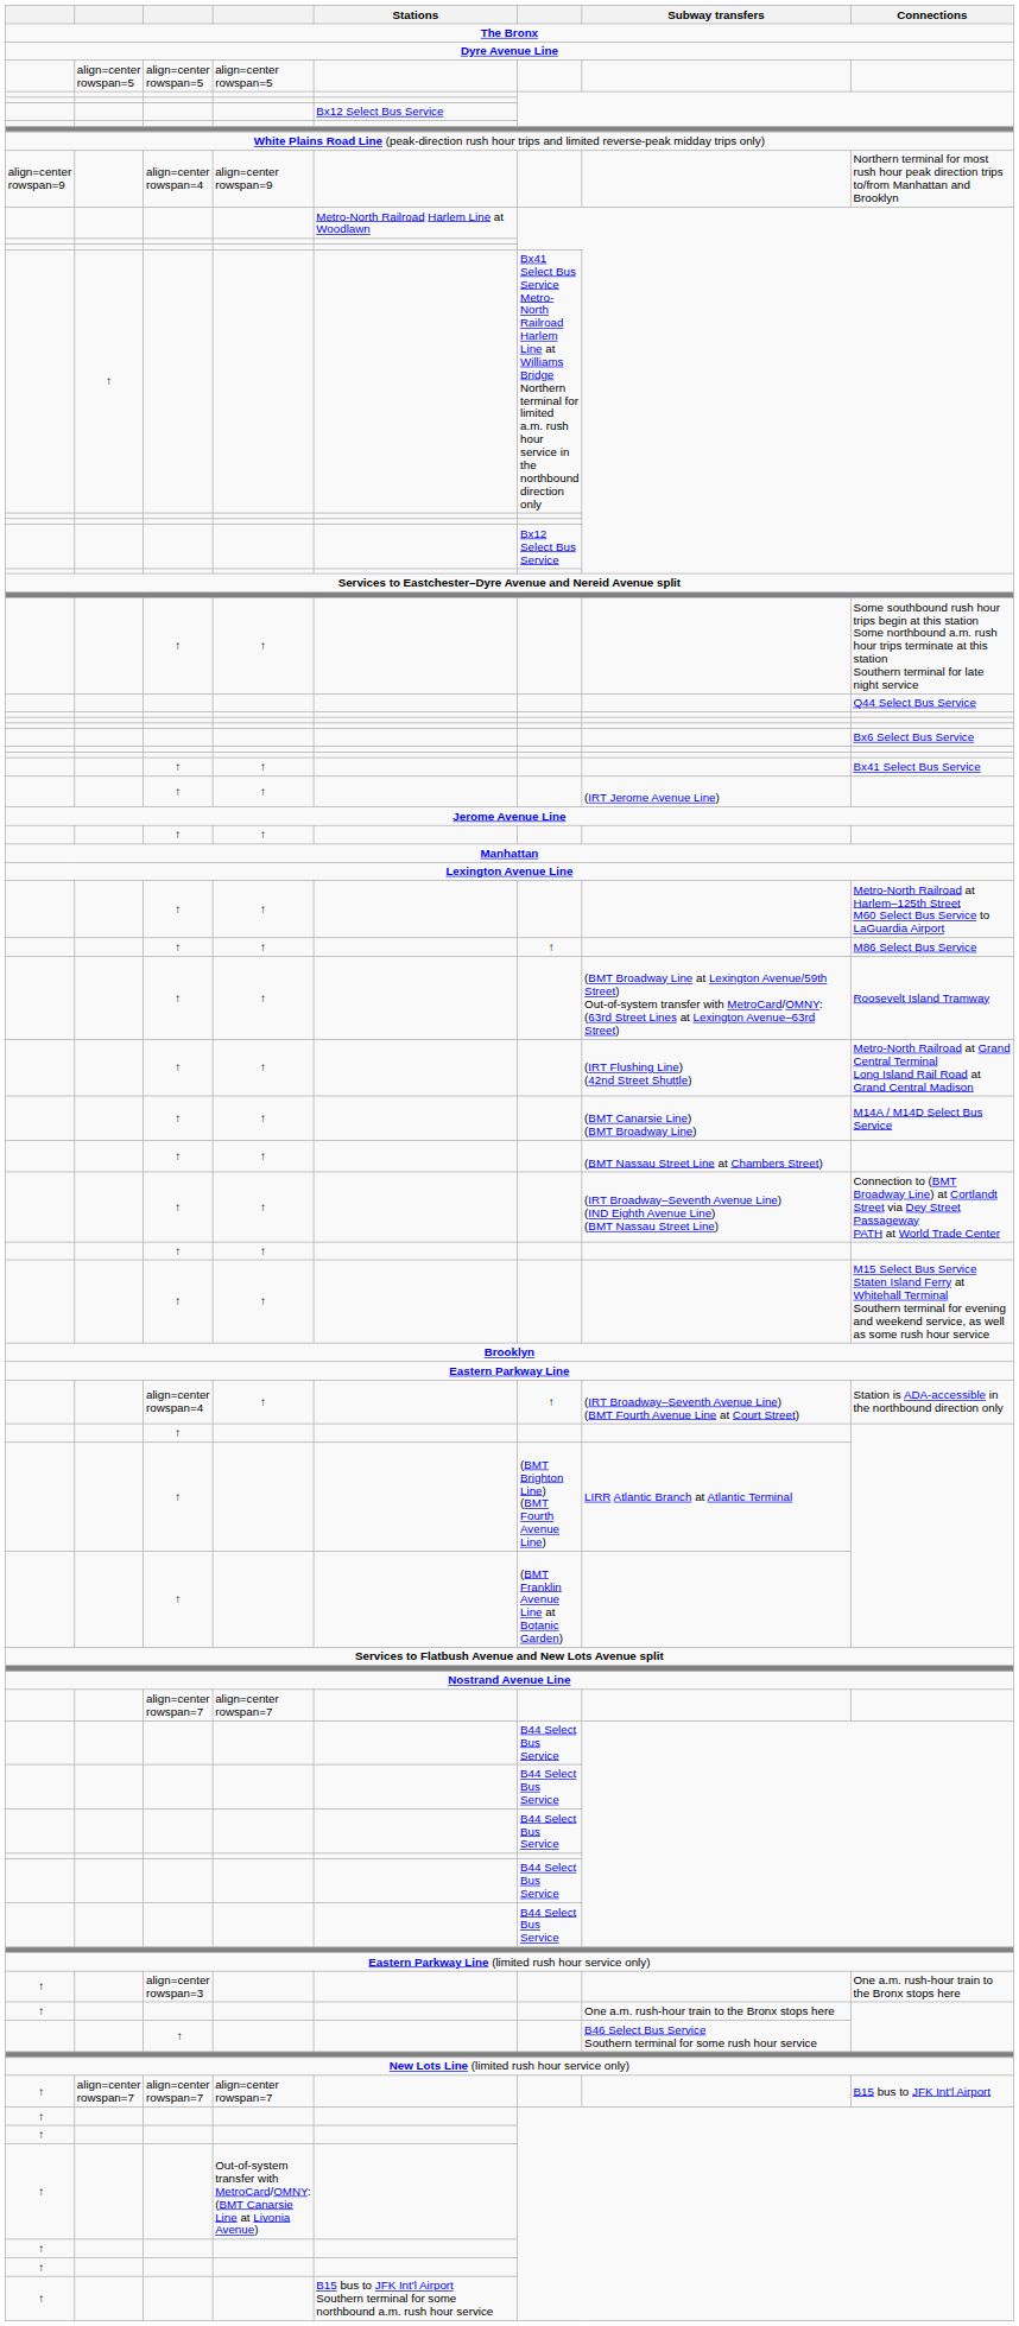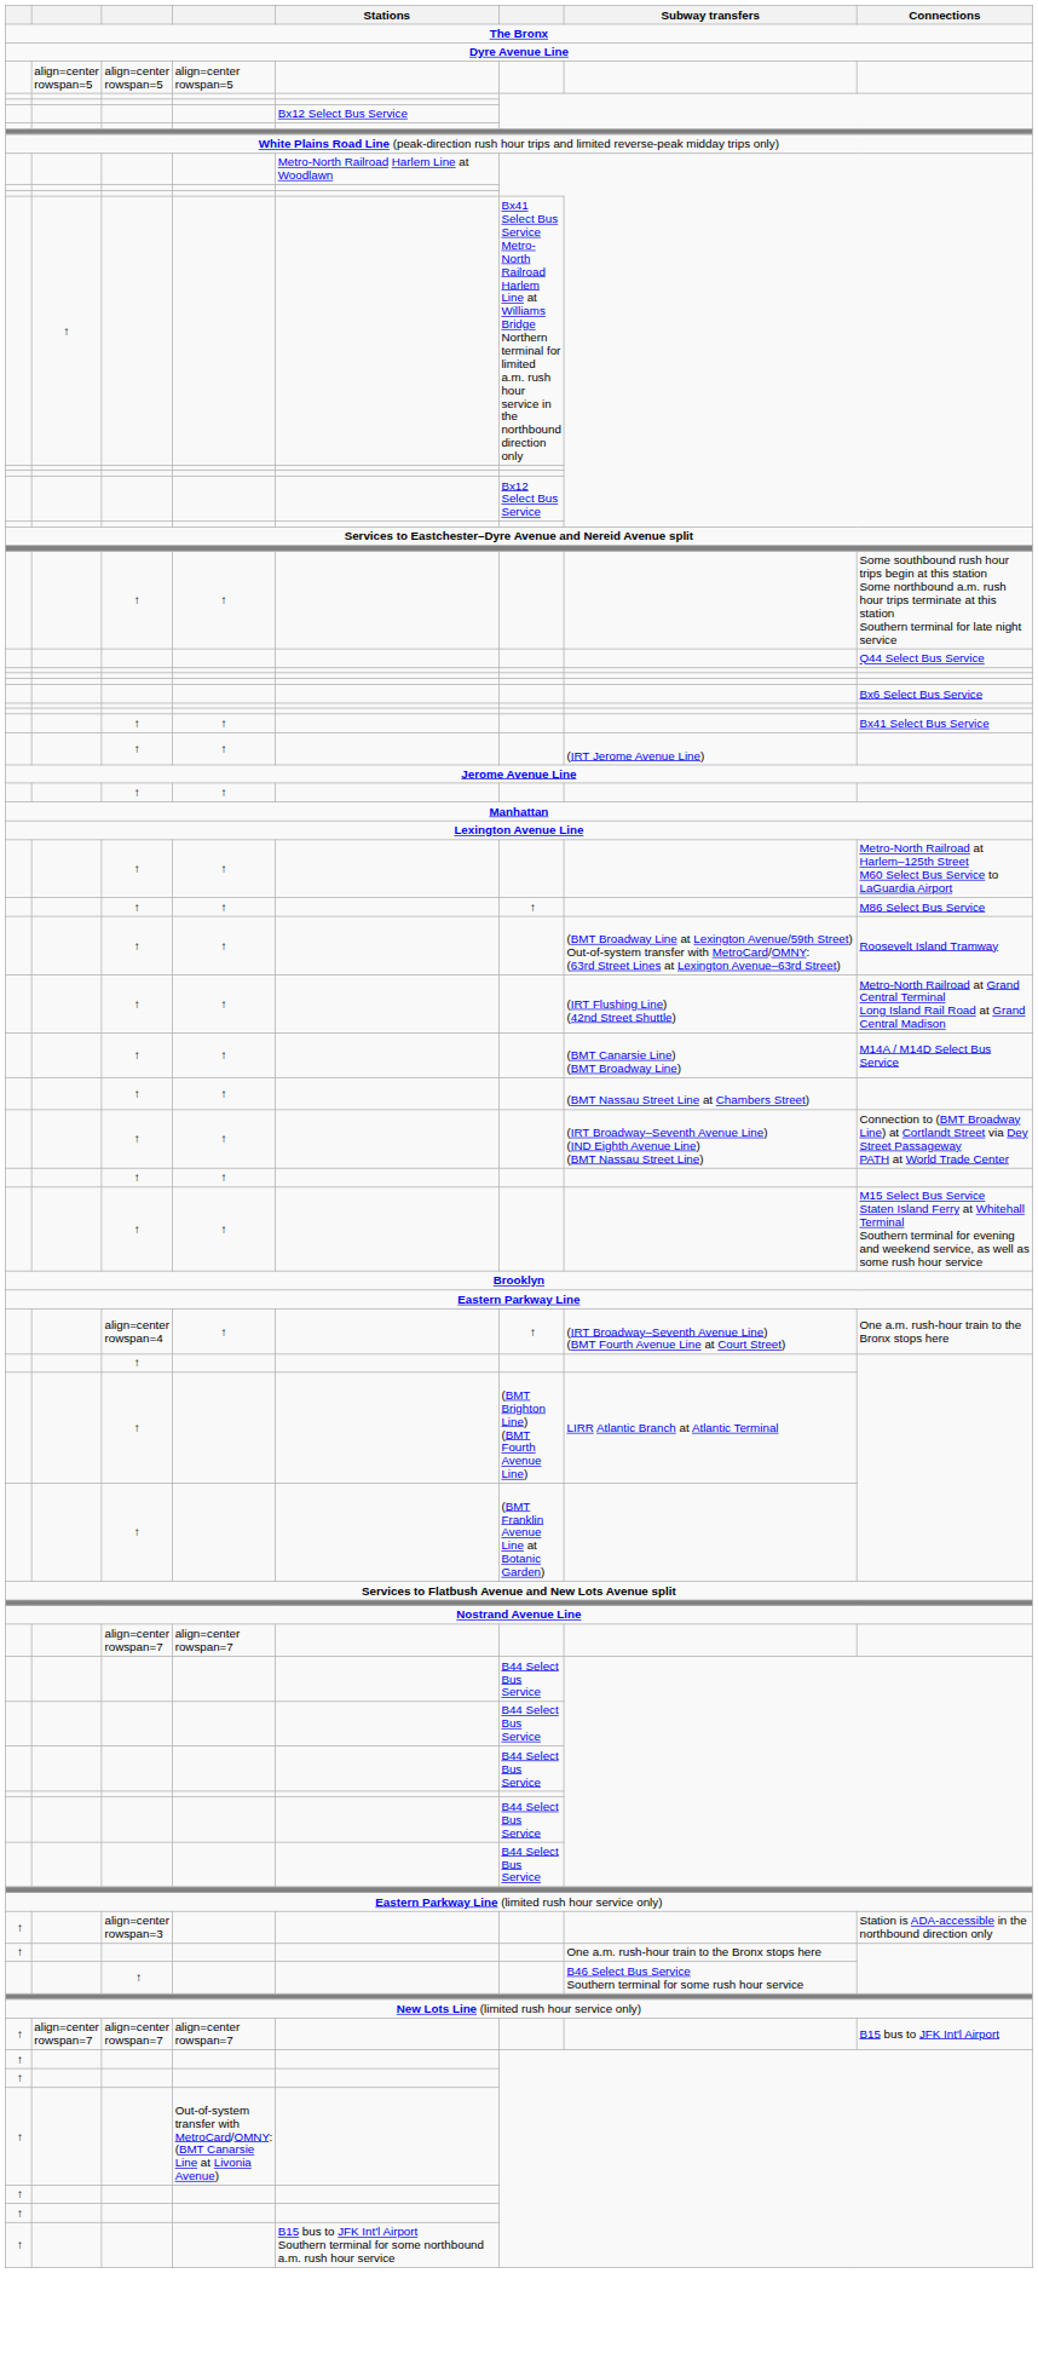 <table class="wikitable collapsible" style="font-size:90%" summary="Service information for the 5 train and its stations, including service times, ADA-accessibility, subway transfers, and non-subway connections.">
 <tr>
 <th width=3%><br></th>
 <th width=3%><br></th>
 <th width=3%><br></th>
 <th width=3%><br></th>
 <th width=28%>Stations</th>
 <th width=3%></th>
 <th width=36%>Subway transfers</th>
 <th width=30%>Connections</th>
 </tr>
 <tr>
 <td style="font-weight:bold" align=center colspan=8><a href='#'>The Bronx</a></td>
 </tr>
 <tr>
 <td style="font-weight:bold" align=center colspan=8><a href='#'>Dyre Avenue Line</a></td>
 </tr>
 <tr>
 <td align=center></td>
 <td>align=center rowspan=5 </td>
 <td>align=center rowspan=5 </td>
 <td>align=center rowspan=5 </td>
 <td></td>
 <td></td>
 <td></td>
 <td></td>
 </tr>
 <tr>
 <td align=center></td>
 <td></td>
 <td></td>
 <td></td>
 <td></td>
 </tr>
 <tr>
 <td align=center></td>
 <td></td>
 <td align=center></td>
 <td></td>
 <td></td>
 </tr>
 <tr>
 <td align=center></td>
 <td></td>
 <td></td>
 <td></td>
 <td><a href='#'>Bx12 Select Bus Service</a></td>
 </tr>
 <tr>
 <td align=center></td>
 <td></td>
 <td></td>
 <td></td>
 <td></td>
 </tr>
 <tr>
 <td bgcolor=#808080 colspan=8></td>
 </tr>
 <tr>
 <td align=center colspan=8><strong><a href='#'>White Plains Road Line</a></strong> (peak-direction rush hour trips and limited reverse-peak midday trips only)</td>
-</tr>
-<tr>
-<td>align=center rowspan=9 </td>
-<td align=center></td>
-<td>align=center rowspan=4 </td>
-<td>align=center rowspan=9 </td>
-<td></td>
-<td></td>
-<td></td>
-<td>Northern terminal for most rush hour peak direction trips to/from Manhattan and Brooklyn</td>
 </tr>
 <tr>
 <td align=center></td>
 <td></td>
 <td align=center></td>
 <td></td>
 <td><a href='#'>Metro-North Railroad</a> <a href='#'>Harlem Line</a> at <a href='#'>Woodlawn</a></td>
 </tr>
 <tr>
 <td align=center></td>
 <td></td>
 <td></td>
 <td></td>
 <td></td>
 </tr>
 <tr>
 <td align=center></td>
 <td></td>
 <td></td>
 <td></td>
 <td></td>
 </tr>
 <tr>
 <td align=center></td>
 <td align=center> ↑</td>
 <td></td>
 <td align=center></td>
 <td></td>
 <td><a href='#'>Bx41 Select Bus Service</a><br><a href='#'>Metro-North Railroad</a> <a href='#'>Harlem Line</a> at <a href='#'>Williams Bridge</a><br>Northern terminal for limited a.m. rush hour service in the northbound direction only</td>
 </tr>
 <tr>
 <td align=center></td>
 <td align=center></td>
 <td></td>
 <td></td>
 <td></td>
 <td></td>
 </tr>
 <tr>
 <td align=center></td>
 <td align=center></td>
 <td></td>
 <td></td>
 <td></td>
 <td></td>
 </tr>
 <tr>
 <td align=center></td>
 <td align=center></td>
 <td =></td>
 <td align=center></td>
 <td></td>
 <td><a href='#'>Bx12 Select Bus Service</a></td>
 </tr>
 <tr>
 <td align=center></td>
 <td align=center></td>
 <td></td>
 <td></td>
 <td></td>
 <td></td>
 </tr>
 <tr>
 <td style="font-weight:bold" align=center colspan=8>Services to Eastchester–Dyre Avenue and Nereid Avenue split</td>
 </tr>
 <tr>
 <td bgcolor=#808080 colspan=8></td>
 </tr>
 <tr>
 <td align=center></td>
 <td align=center></td>
 <td align=center> ↑</td>
 <td align=center> ↑</td>
 <td></td>
 <td align=center></td>
 <td></td>
 <td>Some southbound rush hour trips begin at this station<br>Some northbound a.m. rush hour trips terminate at this station<br>Southern terminal for late night service</td>
 </tr>
 <tr>
 <td align=center></td>
 <td align=center></td>
 <td align=center></td>
 <td align=center></td>
 <td></td>
 <td></td>
 <td></td>
 <td><a href='#'>Q44 Select Bus Service</a></td>
 </tr>
 <tr>
 <td align=center></td>
 <td align=center></td>
 <td align=center></td>
 <td align=center></td>
 <td></td>
 <td></td>
 <td></td>
 <td></td>
 </tr>
 <tr>
 <td align=center></td>
 <td align=center></td>
 <td align=center></td>
 <td align=center></td>
 <td></td>
 <td></td>
 <td></td>
 <td></td>
 </tr>
 <tr>
 <td align=center></td>
 <td align=center></td>
 <td align=center></td>
 <td align=center></td>
 <td></td>
 <td align=center></td>
 <td></td>
 <td></td>
 </tr>
 <tr>
 <td align=center></td>
 <td align=center></td>
 <td align=center></td>
 <td align=center></td>
 <td></td>
 <td></td>
 <td></td>
 <td><a href='#'>Bx6 Select Bus Service</a></td>
 </tr>
 <tr>
 <td align=center></td>
 <td align=center></td>
 <td align=center></td>
 <td align=center></td>
 <td></td>
 <td></td>
 <td></td>
 <td></td>
 </tr>
 <tr>
 <td align=center></td>
 <td align=center></td>
 <td align=center></td>
 <td align=center></td>
 <td></td>
 <td></td>
 <td></td>
 <td></td>
 </tr>
 <tr>
 <td align=center></td>
 <td align=center></td>
 <td align=center> ↑</td>
 <td align=center> ↑</td>
 <td></td>
 <td align=center></td>
 <td></td>
 <td><a href='#'>Bx41 Select Bus Service</a></td>
 </tr>
 <tr>
 <td align=center></td>
 <td align=center></td>
 <td align=center> ↑</td>
 <td align=center> ↑</td>
 <td></td>
 <td></td>
 <td><br> (<a href='#'>IRT Jerome Avenue Line</a>)</td>
 <td></td>
 </tr>
 <tr>
 <td style="font-weight:bold" align=center colspan=8><a href='#'>Jerome Avenue Line</a></td>
 </tr>
 <tr>
 <td align=center></td>
 <td align=center></td>
 <td align=center> ↑</td>
 <td align=center> ↑</td>
 <td></td>
 <td></td>
 <td></td>
 <td></td>
 </tr>
 <tr>
 <td style="font-weight:bold" align=center colspan=8><a href='#'>Manhattan</a></td>
 </tr>
 <tr>
 <td style="font-weight:bold" align=center colspan=8><a href='#'>Lexington Avenue Line</a></td>
 </tr>
 <tr>
 <td align=center></td>
 <td align=center></td>
 <td align=center> ↑</td>
 <td align=center> ↑</td>
 <td></td>
 <td align=center></td>
 <td></td>
 <td><a href='#'>Metro-North Railroad</a> at <a href='#'>Harlem–125th Street</a><br><a href='#'>M60 Select Bus Service</a> to <a href='#'>LaGuardia Airport</a></td>
 </tr>
 <tr>
 <td align=center></td>
 <td align=center></td>
 <td align=center> ↑</td>
 <td align=center> ↑</td>
 <td></td>
 <td align=center> ↑</td>
 <td></td>
 <td><a href='#'>M86 Select Bus Service</a></td>
 </tr>
 <tr>
 <td align=center></td>
 <td align=center></td>
 <td align=center> ↑</td>
 <td align=center> ↑</td>
 <td></td>
 <td></td>
 <td><br> (<a href='#'>BMT Broadway Line</a> at <a href='#'>Lexington Avenue/59th Street</a>)<br>Out-of-system transfer with <a href='#'>MetroCard</a>/<a href='#'>OMNY</a>:<br> (<a href='#'>63rd Street Lines</a> at <a href='#'>Lexington Avenue–63rd Street</a>)</td>
 <td><a href='#'>Roosevelt Island Tramway</a></td>
 </tr>
 <tr>
 <td align=center></td>
 <td align=center></td>
 <td align=center> ↑</td>
 <td align=center> ↑</td>
 <td></td>
 <td align=center></td>
 <td><br> (<a href='#'>IRT Flushing Line</a>)<br> (<a href='#'>42nd Street Shuttle</a>)</td>
 <td><a href='#'>Metro-North Railroad</a> at <a href='#'>Grand Central Terminal</a><br><a href='#'>Long Island Rail Road</a> at <a href='#'>Grand Central Madison</a></td>
 </tr>
 <tr>
 <td align=center></td>
 <td align=center></td>
 <td align=center> ↑</td>
 <td align=center> ↑</td>
 <td></td>
 <td align=center></td>
 <td><br> (<a href='#'>BMT Canarsie Line</a>)<br> (<a href='#'>BMT Broadway Line</a>)</td>
 <td><a href='#'>M14A / M14D Select Bus Service</a></td>
 </tr>
 <tr>
 <td align=center></td>
 <td align=center></td>
 <td align=center> ↑</td>
 <td align=center> ↑</td>
 <td></td>
 <td align=center></td>
 <td><br> (<a href='#'>BMT Nassau Street Line</a> at <a href='#'>Chambers Street</a>)</td>
 <td></td>
 </tr>
 <tr>
 <td align=center></td>
 <td align=center></td>
 <td align=center> ↑</td>
 <td align=center> ↑</td>
 <td></td>
 <td align=center></td>
 <td><br> (<a href='#'>IRT Broadway–Seventh Avenue Line</a>)<br> (<a href='#'>IND Eighth Avenue Line</a>)<br> (<a href='#'>BMT Nassau Street Line</a>)</td>
 <td>Connection to  (<a href='#'>BMT Broadway Line</a>) at <a href='#'>Cortlandt Street</a> via <a href='#'>Dey Street Passageway</a><br><a href='#'>PATH</a> at <a href='#'>World Trade Center</a></td>
 </tr>
 <tr>
 <td align=center></td>
 <td align=center></td>
 <td align=center> ↑</td>
 <td align=center> ↑</td>
 <td></td>
 <td></td>
 <td></td>
 <td></td>
 </tr>
 <tr>
 <td align=center></td>
 <td align=center></td>
 <td align=center> ↑</td>
 <td align=center> ↑</td>
 <td></td>
 <td align=center></td>
 <td></td>
 <td><a href='#'>M15 Select Bus Service</a><br><a href='#'>Staten Island Ferry</a> at <a href='#'>Whitehall Terminal</a><br>Southern terminal for evening and weekend service, as well as some rush hour service</td>
 </tr>
 <tr>
 <td style="font-weight:bold" align=center colspan=8><a href='#'>Brooklyn</a></td>
 </tr>
 <tr>
 <td style="font-weight:bold" align=center colspan=8><a href='#'>Eastern Parkway Line</a></td>
 </tr>
 <tr>
 <td align=center></td>
 <td align=center></td>
 <td>align=center rowspan=4 </td>
 <td align=center> ↑</td>
 <td></td>
 <td align=center> ↑</td>
 <td><br> (<a href='#'>IRT Broadway–Seventh Avenue Line</a>)<br> (<a href='#'>BMT Fourth Avenue Line</a> at <a href='#'>Court Street</a>)</td>
-<td>Station is <a href='#'>ADA-accessible</a> in the northbound direction only</td>
+<td>One a.m. rush-hour train to the Bronx stops here</td>
 </tr>
 <tr>
 <td align=center></td>
 <td align=center></td>
 <td align=center> ↑</td>
 <td></td>
 <td></td>
 <td></td>
 <td></td>
 </tr>
 <tr>
 <td align=center></td>
 <td align=center></td>
 <td align=center> ↑</td>
 <td></td>
 <td align=center></td>
 <td><br> (<a href='#'>BMT Brighton Line</a>)<br> (<a href='#'>BMT Fourth Avenue Line</a>)</td>
 <td><a href='#'>LIRR</a> <a href='#'>Atlantic Branch</a> at <a href='#'>Atlantic Terminal</a></td>
 </tr>
 <tr>
 <td align=center></td>
 <td align=center></td>
 <td align=center> ↑</td>
 <td></td>
 <td></td>
 <td><br> (<a href='#'>BMT Franklin Avenue Line</a> at <a href='#'>Botanic Garden</a>)</td>
 <td></td>
 </tr>
 <tr>
 <td style="font-weight:bold" align=center colspan=8>Services to Flatbush Avenue and New Lots Avenue split</td>
 </tr>
 <tr>
 <td bgcolor=#808080 colspan=8></td>
 </tr>
 <tr>
 <td style="font-weight:bold" align=center colspan=8><a href='#'>Nostrand Avenue Line</a></td>
 </tr>
 <tr>
 <td align=center></td>
 <td align=center></td>
 <td>align=center rowspan=7 </td>
 <td>align=center rowspan=7 </td>
 <td></td>
 <td></td>
 <td></td>
 <td></td>
 </tr>
 <tr>
 <td align=center></td>
 <td align=center></td>
 <td></td>
 <td></td>
 <td></td>
 <td><a href='#'>B44 Select Bus Service</a></td>
 </tr>
 <tr>
 <td align=center></td>
 <td align=center></td>
 <td></td>
 <td></td>
 <td></td>
 <td><a href='#'>B44 Select Bus Service</a></td>
 </tr>
 <tr>
 <td align=center></td>
 <td align=center></td>
 <td></td>
 <td align=center></td>
 <td></td>
 <td><a href='#'>B44 Select Bus Service</a></td>
 </tr>
 <tr>
 <td align=center></td>
 <td align=center></td>
 <td></td>
 <td></td>
 <td></td>
 <td></td>
 </tr>
 <tr>
 <td align=center></td>
 <td align=center></td>
 <td></td>
 <td></td>
 <td></td>
 <td><a href='#'>B44 Select Bus Service</a></td>
 </tr>
 <tr>
 <td align=center></td>
 <td align=center></td>
 <td></td>
 <td align=center></td>
 <td></td>
 <td><a href='#'>B44 Select Bus Service</a></td>
 </tr>
 <tr>
 <td bgcolor=#808080 colspan=8></td>
 </tr>
 <tr>
 <td align=center colspan=8><strong><a href='#'>Eastern Parkway Line</a></strong> (limited rush hour service only)</td>
 </tr>
 <tr>
 <td align=center> ↑</td>
 <td align=center></td>
 <td>align=center rowspan=3 </td>
 <td align=center></td>
 <td></td>
 <td></td>
 <td></td>
-<td>One a.m. rush-hour train to the Bronx stops here</td>
+<td>Station is <a href='#'>ADA-accessible</a> in the northbound direction only</td>
 </tr>
 <tr>
 <td align=center> ↑</td>
 <td align=center></td>
 <td align=center></td>
 <td></td>
 <td></td>
 <td></td>
 <td>One a.m. rush-hour train to the Bronx stops here</td>
 </tr>
 <tr>
 <td align=center></td>
 <td align=center></td>
 <td align=center> ↑</td>
 <td></td>
 <td align=center></td>
 <td></td>
 <td><a href='#'>B46 Select Bus Service</a><br>Southern terminal for some rush hour service</td>
 </tr>
 <tr>
 <td bgcolor=#808080 colspan=8></td>
 </tr>
 <tr>
 <td align=center colspan=8><strong><a href='#'>New Lots Line</a></strong> (limited rush hour service only)</td>
 </tr>
 <tr>
 <td align=center> ↑</td>
 <td>align=center rowspan=7 </td>
 <td>align=center rowspan=7 </td>
 <td>align=center rowspan=7 </td>
 <td></td>
 <td></td>
 <td></td>
 <td><a href='#'>B15</a> bus to <a href='#'>JFK Int'l Airport</a></td>
 </tr>
 <tr>
 <td align=center> ↑</td>
 <td></td>
 <td></td>
 <td></td>
 <td></td>
 </tr>
 <tr>
 <td align=center> ↑</td>
 <td></td>
 <td></td>
 <td></td>
 <td></td>
 </tr>
 <tr>
 <td align=center> ↑</td>
 <td></td>
 <td></td>
 <td><br>Out-of-system transfer with <a href='#'>MetroCard</a>/<a href='#'>OMNY</a>:<br> (<a href='#'>BMT Canarsie Line</a> at <a href='#'>Livonia Avenue</a>)</td>
 <td></td>
 </tr>
 <tr>
 <td align=center> ↑</td>
 <td></td>
 <td></td>
 <td></td>
 <td></td>
 </tr>
 <tr>
 <td align=center> ↑</td>
 <td></td>
 <td></td>
 <td></td>
 <td></td>
 </tr>
 <tr>
 <td align=center> ↑</td>
 <td></td>
 <td></td>
 <td></td>
 <td><a href='#'>B15</a> bus to <a href='#'>JFK Int'l Airport</a><br>Southern terminal for some northbound a.m. rush hour service</td>
 </tr>
 </table>
